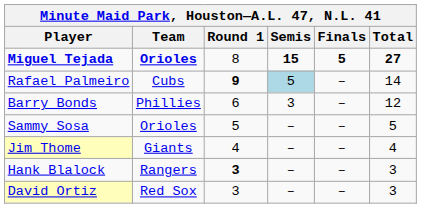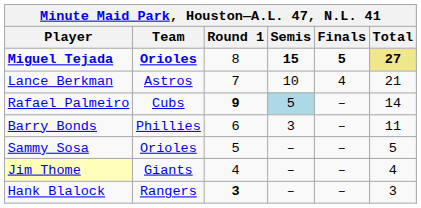 <table class="wikitable" style="text-align:right;">
 <tr>
 <th colspan="6"><a href='#'>Minute Maid Park</a>, Houston—A.L. 47, N.L. 41</th>
 </tr>
 <tr>
 <th>Player</th>
 <th>Team</th>
 <th>Round 1</th>
 <th>Semis</th>
 <th>Finals</th>
 <th>Total</th>
 </tr>
 <tr>
 <td align="left"><strong><a href='#'>Miguel Tejada</a></strong></td>
 <td style="text-align:center;"><strong><a href='#'>Orioles</a></strong></td>
 <td style="text-align:center;">8</td>
 <td style="text-align:center;"><strong>15</strong></td>
 <td style="text-align:center;"><strong>5</strong></td>
-<td style="text-align:center;"><strong>27</strong></td>
+<td style="background: khaki; text-align:center;"><strong>27</strong></td>
+</tr>
+<tr>
+<td align="left"><a href='#'>Lance Berkman</a></td>
+<td style="text-align:center;"><a href='#'>Astros</a></td>
+<td style="text-align:center;">7</td>
+<td style="text-align:center;">10</td>
+<td style="text-align:center;">4</td>
+<td style="text-align:center;">21</td>
 </tr>
 <tr>
 <td align="left"><a href='#'>Rafael Palmeiro</a></td>
 <td style="text-align:center;"><a href='#'>Cubs</a></td>
 <td style="text-align:center;"><strong>9</strong></td>
 <td style="background: lightblue; text-align:center;">5</td>
 <td style="text-align:center;">–</td>
 <td style="text-align:center;">14</td>
 </tr>
 <tr>
 <td align="left"><a href='#'>Barry Bonds</a></td>
 <td style="text-align:center;"><a href='#'>Phillies</a></td>
 <td style="text-align:center;">6</td>
 <td style="text-align:center;">3</td>
 <td style="text-align:center;">–</td>
-<td style="text-align:center;">12</td>
+<td style="text-align:center;">11</td>
 </tr>
 <tr>
 <td align="left"><a href='#'>Sammy Sosa</a></td>
 <td style="text-align:center;"><a href='#'>Orioles</a></td>
 <td style="text-align:center;">5</td>
 <td style="text-align:center;">–</td>
 <td style="text-align:center;">–</td>
 <td style="text-align:center;">5</td>
 </tr>
 <tr>
 <td align="left" style="background:#ffb"><a href='#'>Jim Thome</a></td>
 <td style="text-align:center;"><a href='#'>Giants</a></td>
 <td style="text-align:center;">4</td>
 <td style="text-align:center;">–</td>
 <td style="text-align:center;">–</td>
 <td style="text-align:center;">4</td>
 </tr>
 <tr>
 <td align="left"><a href='#'>Hank Blalock</a></td>
 <td style="text-align:center;"><a href='#'>Rangers</a></td>
 <td style="text-align:center;"><strong>3</strong></td>
 <td style="text-align:center;">–</td>
 <td style="text-align:center;">–</td>
 <td style="text-align:center;">3</td>
 </tr>
-<tr>
-<td align="left" style="background:#ffb"><a href='#'>David Ortiz</a></td>
-<td style="text-align:center;"><a href='#'>Red Sox</a></td>
-<td style="text-align:center;">3</td>
-<td style="text-align:center;">–</td>
-<td style="text-align:center;">–</td>
-<td style="text-align:center;">3</td>
-</tr>
 </table>
